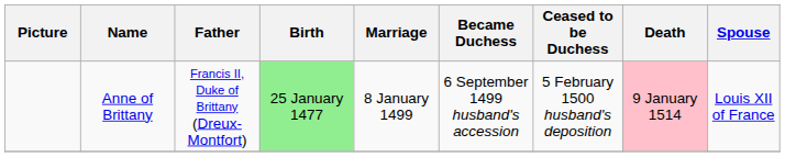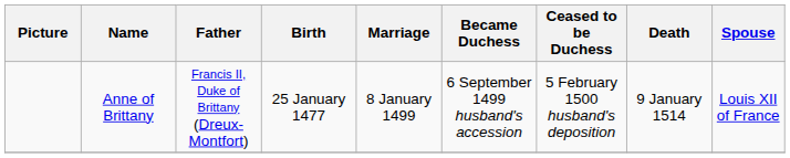 <table width=95% class="wikitable">
 <tr>
 <th width = "8%">Picture</th>
 <th width = "10%">Name</th>
 <th width = "9%">Father</th>
 <th width = "10%">Birth</th>
 <th width = "9%">Marriage</th>
 <th width = "9%">Became Duchess</th>
 <th width = "9%">Ceased to be Duchess</th>
 <th width = "9%">Death</th>
 <th width = "7%"><a href='#'>Spouse</a></th>
 </tr>
 <tr>
 <td align="center"></td>
 <td align="center"><a href='#'>Anne of Brittany</a></td>
 <td align="center"><small><a href='#'>Francis II, Duke of Brittany</a></small><br> (<a href='#'>Dreux-Montfort</a>)</td>
-<td align="center" style="background: lightgreen;">25 January 1477</td>
+<td align="center">25 January 1477</td>
 <td align="center">8 January 1499</td>
 <td align="center">6 September 1499<br><em>husband's accession</em></td>
 <td align="center">5 February 1500<br><em>husband's deposition</em></td>
-<td align="center" style="background: pink;">9 January 1514</td>
+<td align="center">9 January 1514</td>
 <td align="center"><a href='#'>Louis XII of France</a></td>
 </tr>
 <tr>
 </tr>
 </table>
